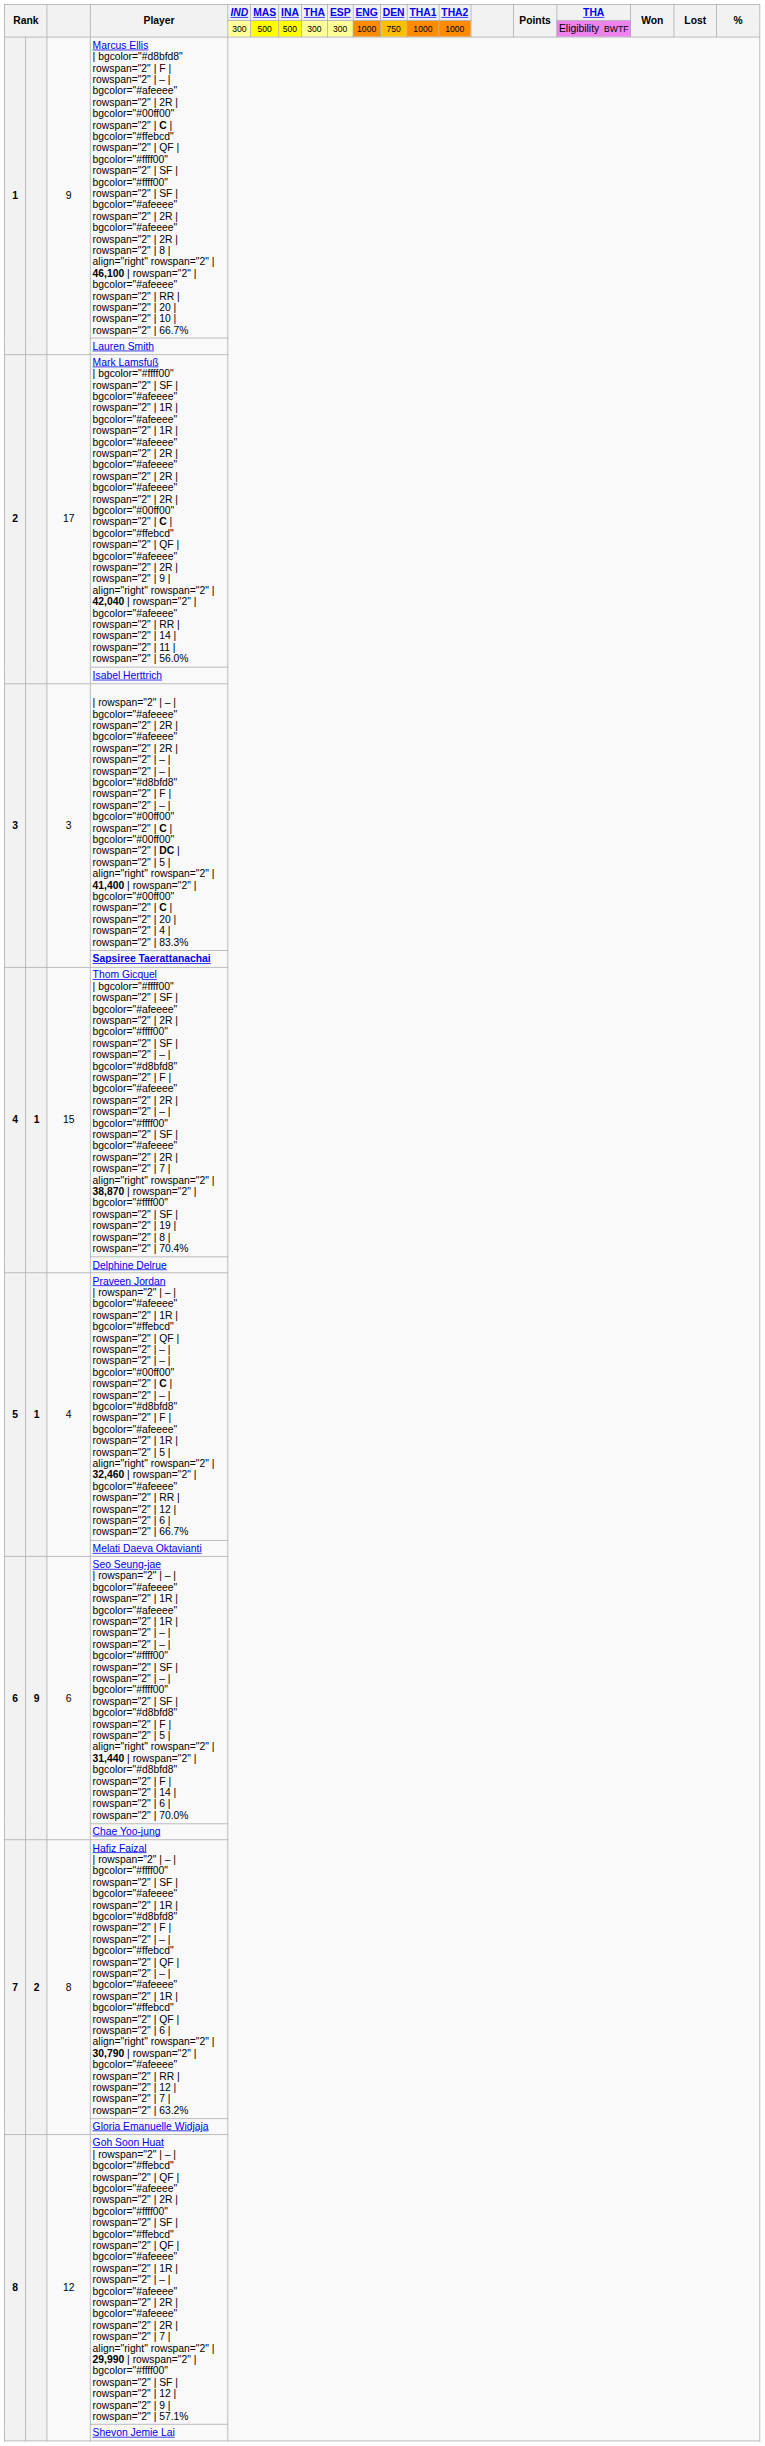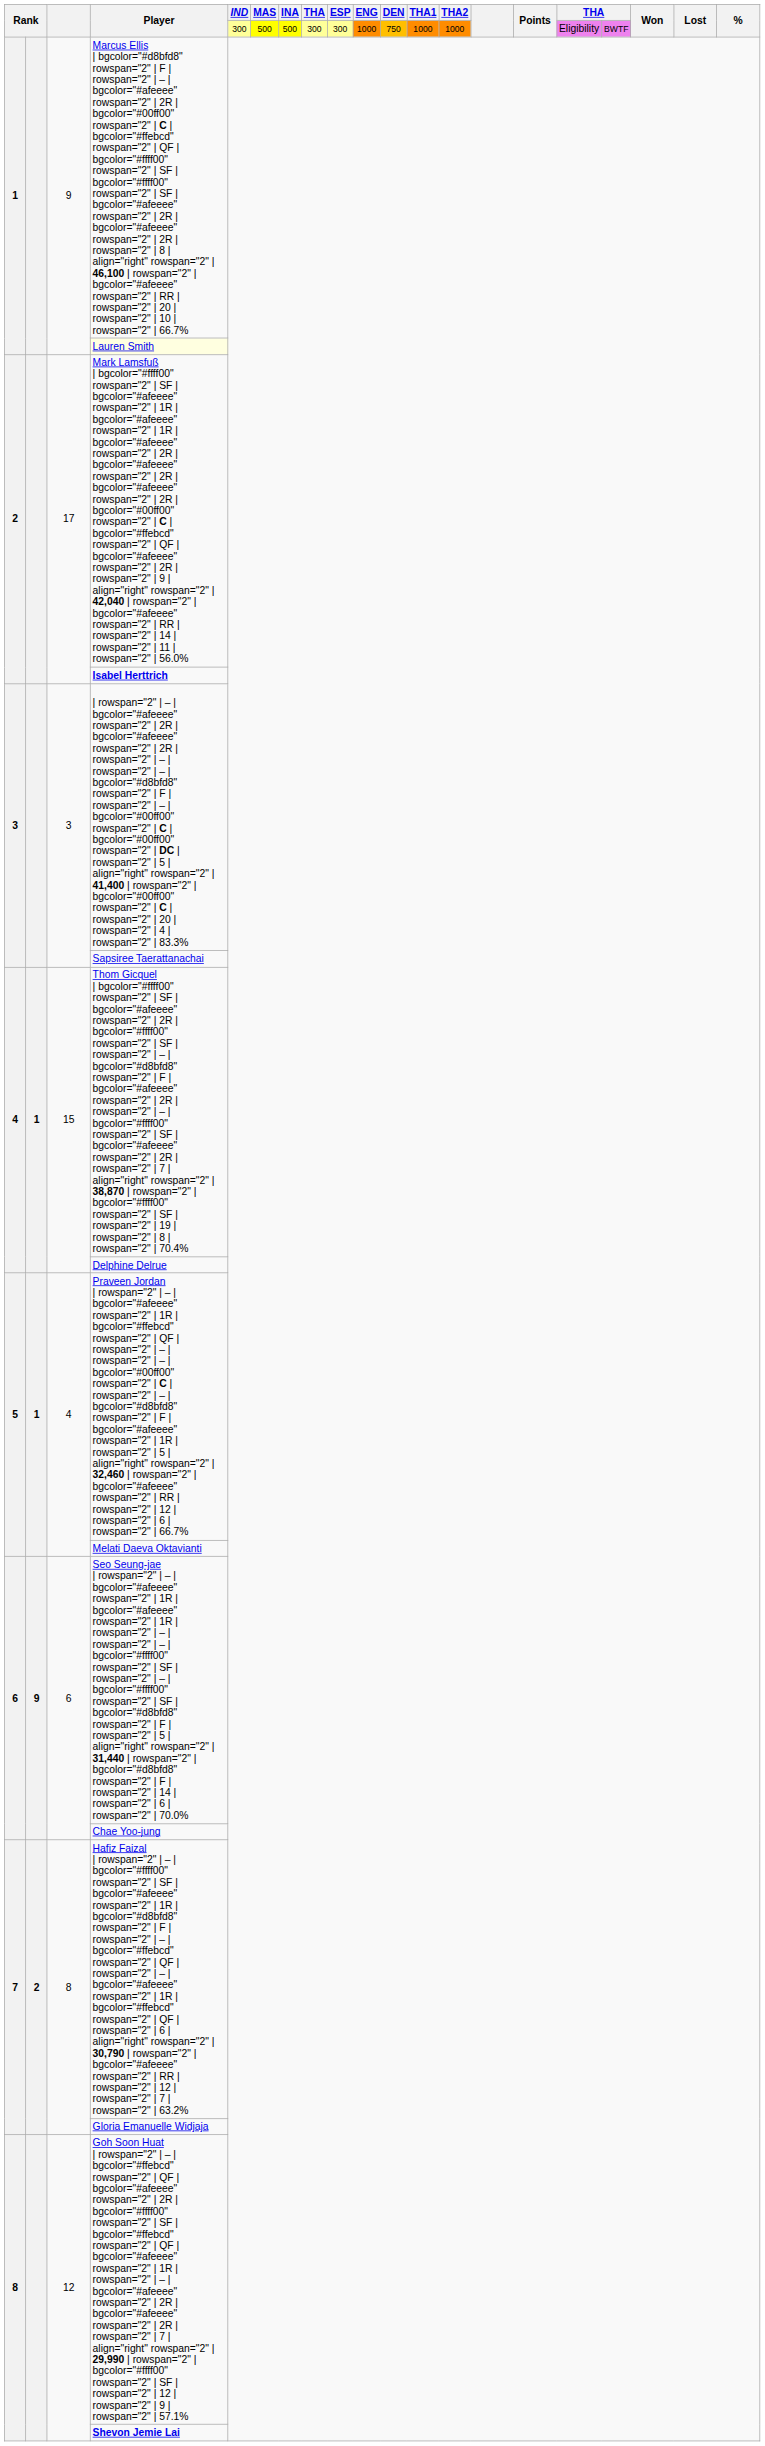 <table class="wikitable" style="font-size:85%; text-align:center">
 <tr>
 <th colspan="2" rowspan="2" width="50">Rank</th>
 <th rowspan="2" width="50"></th>
 <th rowspan="2" width="175">Player</th>
 <th><em><a href='#'>IND</a></em></th>
 <th><a href='#'>MAS</a></th>
 <th><a href='#'>INA</a></th>
 <th><a href='#'>THA</a></th>
 <th><a href='#'>ESP</a></th>
 <th><a href='#'>ENG</a></th>
 <th><a href='#'>DEN</a></th>
 <th><a href='#'>THA1</a></th>
 <th><a href='#'>THA2</a></th>
 <th rowspan="2" width="50"></th>
 <th rowspan="2" width="50">Points</th>
 <th colspan="2"><a href='#'>THA</a></th>
 <th rowspan="2" width="50">Won</th>
 <th rowspan="2" width="50">Lost</th>
 <th rowspan="2" width="50">%</th>
 </tr>
 <tr>
 <td bgcolor="#FFFF99"><small>300</small></td>
 <td bgcolor="#FFFF00"><small>500</small></td>
 <td bgcolor="#FFFF00"><small>500</small></td>
 <td bgcolor="#FFFF99"><small>300</small></td>
 <td bgcolor="#FFFF99"><small>300</small></td>
 <td bgcolor="#FF8C00"><small>1000</small></td>
 <td bgcolor="#FFBF00"><small>750</small></td>
 <td bgcolor="#FF8C00"><small>1000</small></td>
 <td bgcolor="#FF8C00"><small>1000</small></td>
 <td bgcolor="#EE82EE">Eligibility</td>
 <td bgcolor="#EE82EE"><small>BWTF</small></td>
 </tr>
 <tr>
 <th rowspan="2">1</th>
 <th rowspan="2"></th>
 <td rowspan="2">9</td>
 <td align="left"> <a href='#'>Marcus Ellis</a><br>| bgcolor="#d8bfd8" rowspan="2" | F | rowspan="2" | – | bgcolor="#afeeee" rowspan="2" | 2R | bgcolor="#00ff00" rowspan="2" | <strong>C</strong> | bgcolor="#ffebcd" rowspan="2" | QF | bgcolor="#ffff00" rowspan="2" | SF | bgcolor="#ffff00" rowspan="2" | SF | bgcolor="#afeeee" rowspan="2" | 2R | bgcolor="#afeeee" rowspan="2" | 2R | rowspan="2" | 8 | align="right" rowspan="2" | <strong>46,100</strong> | rowspan="2"  | bgcolor="#afeeee" rowspan="2" | RR | rowspan="2" | 20 | rowspan="2" | 10 | rowspan="2" | 66.7%</td>
 </tr>
 <tr>
-<td align="left"> <a href='#'>Lauren Smith</a></td>
+<td align="left" style="background: lightyellow;"> <a href='#'>Lauren Smith</a></td>
 </tr>
 <tr>
 <th rowspan="2">2</th>
 <th rowspan="2"></th>
 <td rowspan="2">17</td>
 <td align="left"> <a href='#'>Mark Lamsfuß</a><br>| bgcolor="#ffff00" rowspan="2" | SF | bgcolor="#afeeee" rowspan="2" | 1R | bgcolor="#afeeee" rowspan="2" | 1R | bgcolor="#afeeee" rowspan="2" | 2R | bgcolor="#afeeee" rowspan="2" | 2R | bgcolor="#afeeee" rowspan="2" | 2R | bgcolor="#00ff00" rowspan="2" | <strong>C</strong> | bgcolor="#ffebcd" rowspan="2" | QF | bgcolor="#afeeee" rowspan="2" | 2R | rowspan="2" | 9 | align="right" rowspan="2" | <strong>42,040</strong> | rowspan="2"  | bgcolor="#afeeee" rowspan="2" | RR | rowspan="2" | 14 | rowspan="2" | 11 | rowspan="2" | 56.0%</td>
 </tr>
 <tr>
-<td align="left"> <a href='#'>Isabel Herttrich</a></td>
+<td align="left"><strong> <a href='#'>Isabel Herttrich</a></strong></td>
 </tr>
 <tr>
 <th rowspan="2">3</th>
 <th rowspan="2"></th>
 <td rowspan="2">3</td>
 <td align="left"><br>| rowspan="2" | – | bgcolor="#afeeee" rowspan="2" | 2R | bgcolor="#afeeee" rowspan="2" | 2R | rowspan="2" | – | rowspan="2" | – | bgcolor="#d8bfd8" rowspan="2" | F | rowspan="2" | – | bgcolor="#00ff00" rowspan="2" | <strong>C</strong> | bgcolor="#00ff00" rowspan="2" | <strong>DC</strong> | rowspan="2" | 5 | align="right" rowspan="2" | <strong>41,400</strong> | rowspan="2"  | bgcolor="#00ff00" rowspan="2" | <strong>C</strong> | rowspan="2" | 20 | rowspan="2" | 4 | rowspan="2" | 83.3%</td>
 </tr>
 <tr>
-<td align="left"><strong> <a href='#'>Sapsiree Taerattanachai</a></strong></td>
+<td align="left"> <a href='#'>Sapsiree Taerattanachai</a></td>
 </tr>
 <tr>
 <th rowspan="2">4</th>
 <th rowspan="2"> 1</th>
 <td rowspan="2">15</td>
 <td align="left"> <a href='#'>Thom Gicquel</a><br>| bgcolor="#ffff00" rowspan="2" | SF | bgcolor="#afeeee" rowspan="2" | 2R | bgcolor="#ffff00" rowspan="2" | SF | rowspan="2" | – | bgcolor="#d8bfd8" rowspan="2" | F | bgcolor="#afeeee" rowspan="2" | 2R | rowspan="2" | – | bgcolor="#ffff00" rowspan="2" | SF | bgcolor="#afeeee" rowspan="2" | 2R | rowspan="2" | 7 | align="right" rowspan="2" | <strong>38,870</strong> | rowspan="2"  | bgcolor="#ffff00" rowspan="2" | SF | rowspan="2" | 19 | rowspan="2" | 8 | rowspan="2" | 70.4%</td>
 </tr>
 <tr>
 <td align="left"> <a href='#'>Delphine Delrue</a></td>
 </tr>
 <tr>
 <th rowspan="2">5</th>
 <th rowspan="2"> 1</th>
 <td rowspan="2">4</td>
 <td align="left"> <a href='#'>Praveen Jordan</a><br>| rowspan="2" | – | bgcolor="#afeeee" rowspan="2" | 1R | bgcolor="#ffebcd" rowspan="2" | QF | rowspan="2" | – | rowspan="2" | – | bgcolor="#00ff00" rowspan="2" | <strong>C</strong> | rowspan="2" | – | bgcolor="#d8bfd8" rowspan="2" | F | bgcolor="#afeeee" rowspan="2" | 1R | rowspan="2" | 5 | align="right" rowspan="2" | <strong>32,460</strong> | rowspan="2"  | bgcolor="#afeeee" rowspan="2" | RR | rowspan="2" | 12 | rowspan="2" | 6 | rowspan="2" | 66.7%</td>
 </tr>
 <tr>
 <td align="left"> <a href='#'>Melati Daeva Oktavianti</a></td>
 </tr>
 <tr>
 <th rowspan="2">6</th>
 <th rowspan="2"> 9</th>
 <td rowspan="2">6</td>
 <td align="left"> <a href='#'>Seo Seung-jae</a><br>| rowspan="2" | – | bgcolor="#afeeee" rowspan="2" | 1R | bgcolor="#afeeee" rowspan="2" | 1R | rowspan="2" | – | rowspan="2" | – | bgcolor="#ffff00" rowspan="2" | SF | rowspan="2" | – | bgcolor="#ffff00" rowspan="2" | SF | bgcolor="#d8bfd8" rowspan="2" | F | rowspan="2" | 5 | align="right" rowspan="2" | <strong>31,440</strong> | rowspan="2"  | bgcolor="#d8bfd8" rowspan="2" | F | rowspan="2" | 14 | rowspan="2" | 6 | rowspan="2" | 70.0%</td>
 </tr>
 <tr>
 <td align="left"> <a href='#'>Chae Yoo-jung</a></td>
 </tr>
 <tr>
 <th rowspan="2">7</th>
 <th rowspan="2"> 2</th>
 <td rowspan="2">8</td>
 <td align="left"> <a href='#'>Hafiz Faizal</a><br>| rowspan="2" | – | bgcolor="#ffff00" rowspan="2" | SF | bgcolor="#afeeee" rowspan="2" | 1R | bgcolor="#d8bfd8" rowspan="2" | F | rowspan="2" | – | bgcolor="#ffebcd" rowspan="2" | QF | rowspan="2" | – | bgcolor="#afeeee" rowspan="2" | 1R | bgcolor="#ffebcd" rowspan="2" | QF | rowspan="2" | 6 | align="right" rowspan="2" | <strong>30,790</strong> | rowspan="2"  | bgcolor="#afeeee" rowspan="2" | RR | rowspan="2" | 12 | rowspan="2" | 7 | rowspan="2" | 63.2%</td>
 </tr>
 <tr>
 <td align="left"> <a href='#'>Gloria Emanuelle Widjaja</a></td>
 </tr>
 <tr>
 <th rowspan="2">8</th>
 <th rowspan="2"></th>
 <td rowspan="2">12</td>
 <td align="left"> <a href='#'>Goh Soon Huat</a><br>| rowspan="2" | – | bgcolor="#ffebcd" rowspan="2" | QF | bgcolor="#afeeee" rowspan="2" | 2R | bgcolor="#ffff00" rowspan="2" | SF | bgcolor="#ffebcd" rowspan="2" | QF | bgcolor="#afeeee" rowspan="2" | 1R | rowspan="2" | – | bgcolor="#afeeee" rowspan="2" | 2R | bgcolor="#afeeee" rowspan="2" | 2R | rowspan="2" | 7 | align="right" rowspan="2" | <strong>29,990</strong> | rowspan="2"  | bgcolor="#ffff00" rowspan="2" | SF | rowspan="2" | 12 | rowspan="2" | 9 | rowspan="2" | 57.1%</td>
 </tr>
 <tr>
-<td align="left"> <a href='#'>Shevon Jemie Lai</a></td>
+<td align="left"><strong> <a href='#'>Shevon Jemie Lai</a></strong></td>
 </tr>
 </table>
